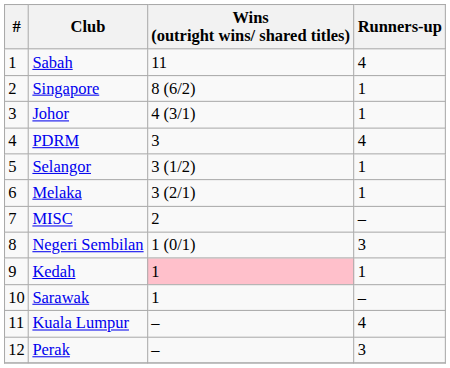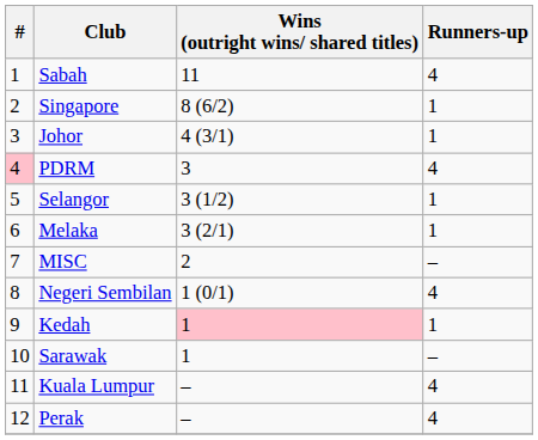 <table class="wikitable sortable">
 <tr>
 <th>#</th>
 <th>Club</th>
 <th>Wins<br>(outright wins/ shared titles)</th>
 <th>Runners-up</th>
 </tr>
 <tr>
 <td>1</td>
 <td align="left"> <a href='#'>Sabah</a></td>
 <td>11</td>
 <td>4</td>
 </tr>
 <tr>
 <td>2</td>
 <td align="left"> <a href='#'>Singapore</a></td>
 <td>8 (6/2)</td>
 <td>1</td>
 </tr>
 <tr>
 <td>3</td>
 <td align="left"> <a href='#'>Johor</a></td>
 <td>4 (3/1)</td>
 <td>1</td>
 </tr>
 <tr>
-<td>4</td>
+<td style="background: pink;">4</td>
 <td align="left"><a href='#'>PDRM</a></td>
 <td>3</td>
 <td>4</td>
 </tr>
 <tr>
 <td>5</td>
 <td align="left"> <a href='#'>Selangor</a></td>
 <td>3 (1/2)</td>
 <td>1</td>
 </tr>
 <tr>
 <td>6</td>
 <td align="left"> <a href='#'>Melaka</a></td>
 <td>3 (2/1)</td>
 <td>1</td>
 </tr>
 <tr>
 <td>7</td>
 <td align="left"> <a href='#'>MISC</a></td>
 <td>2</td>
 <td>–</td>
 </tr>
 <tr>
 <td>8</td>
 <td align="left"> <a href='#'>Negeri Sembilan</a></td>
 <td>1 (0/1)</td>
-<td>3</td>
+<td>4</td>
 </tr>
 <tr>
 <td>9</td>
 <td align="left"> <a href='#'>Kedah</a></td>
 <td style="background: pink;">1</td>
 <td>1</td>
 </tr>
 <tr>
 <td>10</td>
 <td align="left"> <a href='#'>Sarawak</a></td>
 <td>1</td>
 <td>–</td>
 </tr>
 <tr>
 <td>11</td>
 <td align="left"> <a href='#'>Kuala Lumpur</a></td>
 <td>–</td>
 <td>4</td>
 </tr>
 <tr>
 <td>12</td>
 <td align="left"> <a href='#'>Perak</a></td>
 <td>–</td>
-<td>3</td>
+<td>4</td>
 </tr>
 <tr>
 </tr>
 </table>
